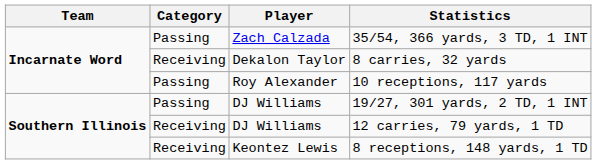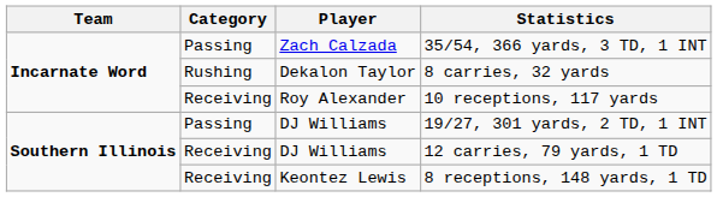 <table class="wikitable" style="float: right;">
 <tr>
 <th>Team</th>
 <th>Category</th>
 <th>Player</th>
 <th>Statistics</th>
 </tr>
 <tr>
 <td rowspan=3><strong>Incarnate Word</strong></td>
 <td>Passing</td>
 <td><a href='#'>Zach Calzada</a></td>
 <td>35/54, 366 yards, 3 TD, 1 INT</td>
 </tr>
 <tr>
-<td>Receiving</td>
+<td>Rushing</td>
 <td>Dekalon Taylor</td>
 <td>8 carries, 32 yards</td>
 </tr>
 <tr>
-<td>Passing</td>
+<td>Receiving</td>
 <td>Roy Alexander</td>
 <td>10 receptions, 117 yards</td>
 </tr>
 <tr>
 <td rowspan=3><strong>Southern Illinois</strong></td>
 <td>Passing</td>
 <td>DJ Williams</td>
 <td>19/27, 301 yards, 2 TD, 1 INT</td>
 </tr>
 <tr>
 <td>Receiving</td>
 <td>DJ Williams</td>
 <td>12 carries, 79 yards, 1 TD</td>
 </tr>
 <tr>
 <td>Receiving</td>
 <td>Keontez Lewis</td>
 <td>8 receptions, 148 yards, 1 TD</td>
 </tr>
 </table>
